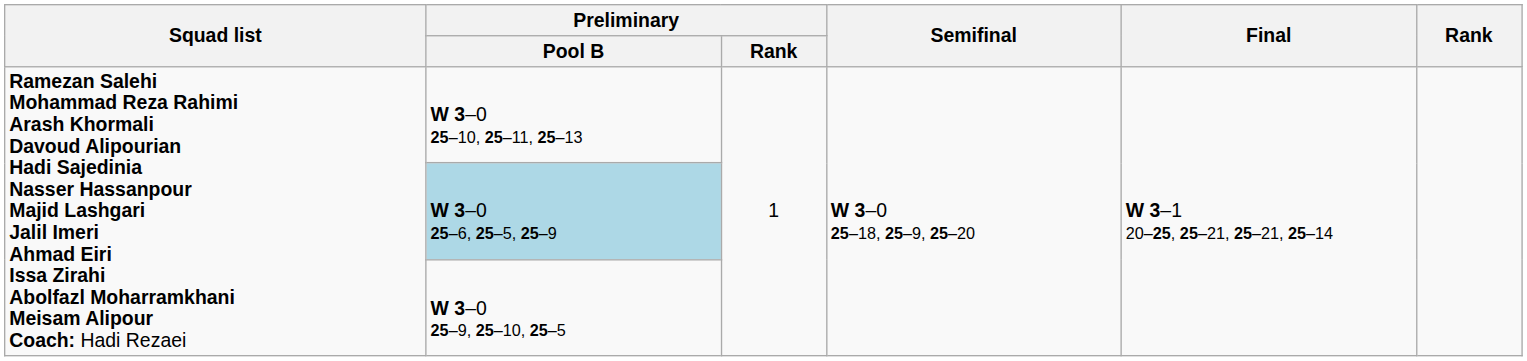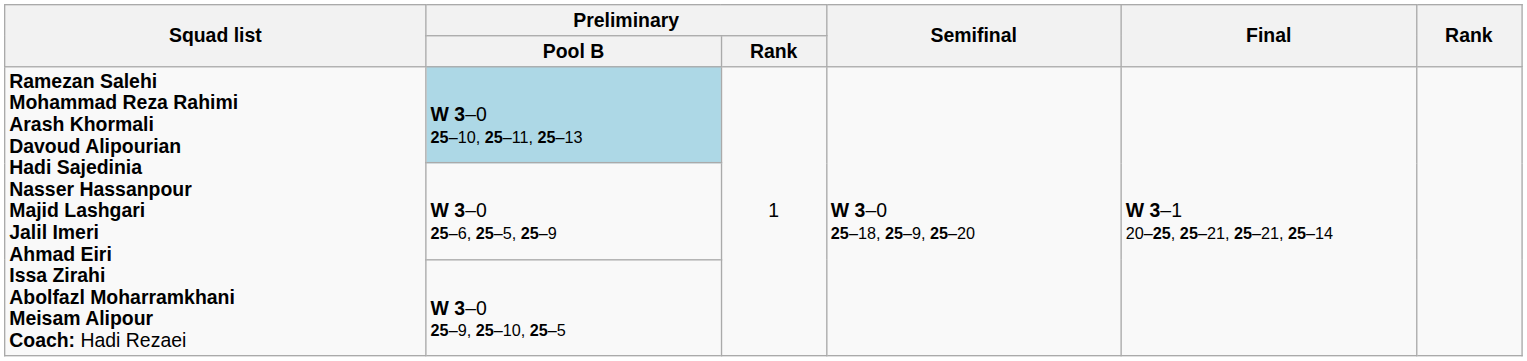 <table class="wikitable" width="71%" style="text-align:left; font-size:90%">
 <tr>
 <th rowspan="2" width="20%">Squad list</th>
 <th colspan="2">Preliminary</th>
 <th rowspan="2" width="14%">Semifinal</th>
 <th rowspan="2" width="14%">Final</th>
 <th rowspan="2" width="5%">Rank</th>
 </tr>
 <tr>
 <th width="14%">Pool B</th>
 <th width="5%">Rank</th>
 </tr>
 <tr>
 <td rowspan="3"><strong>Ramezan Salehi<br>Mohammad Reza Rahimi<br>Arash Khormali<br>Davoud Alipourian<br>Hadi Sajedinia<br>Nasser Hassanpour<br>Majid Lashgari<br>Jalil Imeri<br>Ahmad Eiri<br>Issa Zirahi<br>Abolfazl Moharramkhani<br>Meisam Alipour<br>Coach:</strong> Hadi Rezaei</td>
-<td><br><strong>W</strong> <strong>3</strong>–0<br><small><strong>25</strong>–10, <strong>25</strong>–11, <strong>25</strong>–13</small></td>
+<td style="background: lightblue;"><br><strong>W</strong> <strong>3</strong>–0<br><small><strong>25</strong>–10, <strong>25</strong>–11, <strong>25</strong>–13</small></td>
 <td rowspan="3" align=center>1 <strong></strong></td>
 <td rowspan="3"><br><strong>W</strong> <strong>3</strong>–0<br><small><strong>25</strong>–18, <strong>25</strong>–9, <strong>25</strong>–20</small></td>
 <td rowspan="3"><br><strong>W</strong> <strong>3</strong>–1<br><small>20–<strong>25</strong>, <strong>25</strong>–21, <strong>25</strong>–21, <strong>25</strong>–14</small></td>
 <td rowspan="3" align="center"></td>
 </tr>
 <tr>
-<td style="background: lightblue;"><br><strong>W</strong> <strong>3</strong>–0<br><small><strong>25</strong>–6, <strong>25</strong>–5, <strong>25</strong>–9</small></td>
+<td><br><strong>W</strong> <strong>3</strong>–0<br><small><strong>25</strong>–6, <strong>25</strong>–5, <strong>25</strong>–9</small></td>
 </tr>
 <tr>
 <td><br><strong>W</strong> <strong>3</strong>–0<br><small><strong>25</strong>–9, <strong>25</strong>–10, <strong>25</strong>–5</small></td>
 </tr>
 </table>
